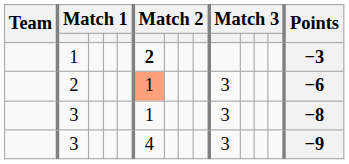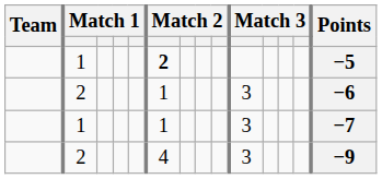 <table class="wikitable sortable" style="text-align:center">
 <tr>
 <th rowspan=2>Team</th>
 <th colspan=4 style="border-left:3px solid gray">Match 1</th>
 <th colspan=4 style="border-left:3px solid gray">Match 2</th>
 <th colspan=4 style="border-left:3px solid gray">Match 3</th>
 <th rowspan=2 style="border-left:3px solid gray">Points</th>
 </tr>
 <tr>
 <th style="border-left:3px solid gray"></th>
 <th></th>
 <th></th>
 <th></th>
 <th style="border-left:3px solid gray"></th>
 <th></th>
 <th></th>
 <th></th>
 <th style="border-left:3px solid gray"></th>
 <th></th>
 <th></th>
 <th></th>
 </tr>
 <tr>
 <td align=left></td>
 <td style="border-left:3px solid gray">1</td>
 <td></td>
 <td></td>
 <td></td>
 <td style="border-left:3px solid gray"><strong>2</strong></td>
 <td></td>
 <td></td>
 <td></td>
 <td style="border-left:3px solid gray"></td>
 <td></td>
 <td></td>
 <td></td>
-<th style="border-left:3px solid gray">−3</th>
+<th style="border-left:3px solid gray">−5</th>
 </tr>
 <tr>
 <td align=left></td>
 <td style="border-left:3px solid gray">2</td>
 <td></td>
 <td></td>
 <td></td>
-<td style="background: lightsalmon; border-left:3px solid gray">1</td>
+<td style="border-left:3px solid gray">1</td>
 <td></td>
 <td></td>
 <td></td>
 <td style="border-left:3px solid gray">3</td>
 <td></td>
 <td></td>
 <td></td>
 <th style="border-left:3px solid gray">−6</th>
 </tr>
 <tr>
 <td align=left></td>
-<td style="border-left:3px solid gray">3</td>
+<td style="border-left:3px solid gray">1</td>
 <td></td>
 <td></td>
 <td></td>
 <td style="border-left:3px solid gray">1</td>
 <td></td>
 <td></td>
 <td></td>
 <td style="border-left:3px solid gray">3</td>
 <td></td>
 <td></td>
 <td></td>
-<th style="border-left:3px solid gray">−8</th>
+<th style="border-left:3px solid gray">−7</th>
 </tr>
 <tr>
 <td align=left></td>
-<td style="border-left:3px solid gray">3</td>
+<td style="border-left:3px solid gray">2</td>
 <td></td>
 <td></td>
 <td></td>
 <td style="border-left:3px solid gray">4</td>
 <td></td>
 <td></td>
 <td></td>
 <td style="border-left:3px solid gray">3</td>
 <td></td>
 <td></td>
 <td></td>
 <th style="border-left:3px solid gray">−9</th>
 </tr>
 </table>
